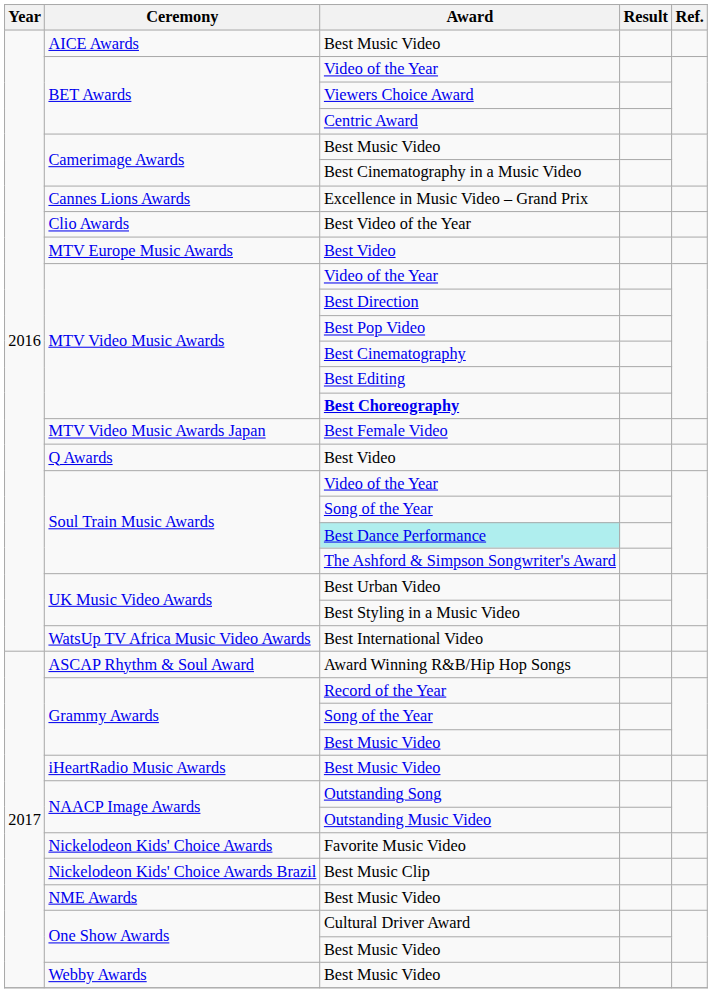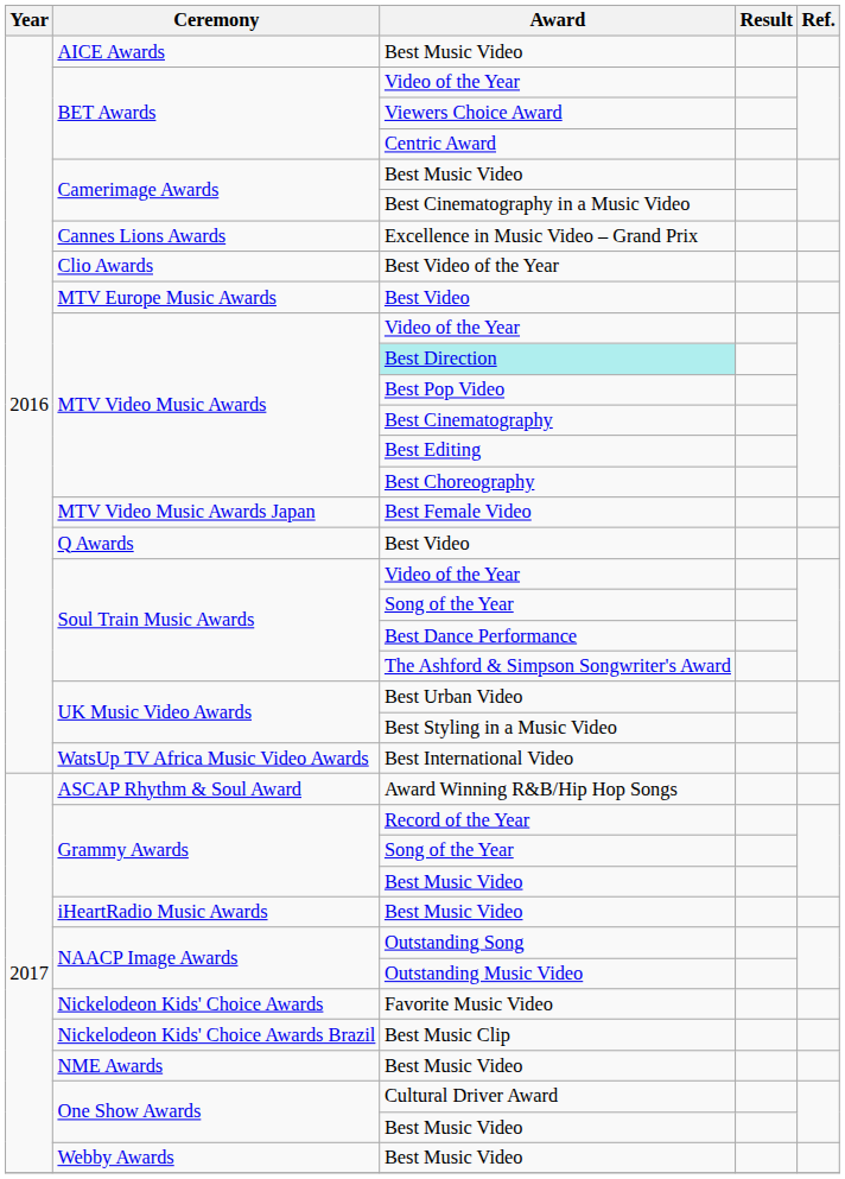 <table class="wikitable">
 <tr>
 <th>Year</th>
 <th>Ceremony</th>
 <th>Award</th>
 <th>Result</th>
 <th>Ref.</th>
 </tr>
 <tr>
 <td rowspan="24">2016</td>
 <td><a href='#'>AICE Awards</a></td>
 <td>Best Music Video</td>
 <td></td>
 <td></td>
 </tr>
 <tr>
 <td rowspan="3"><a href='#'>BET Awards</a></td>
 <td><a href='#'>Video of the Year</a></td>
 <td></td>
 <td rowspan="3"></td>
 </tr>
 <tr>
 <td><a href='#'>Viewers Choice Award</a></td>
 <td></td>
 </tr>
 <tr>
 <td><a href='#'>Centric Award</a></td>
 <td></td>
 </tr>
 <tr>
 <td rowspan="2"><a href='#'>Camerimage Awards</a></td>
 <td>Best Music Video</td>
 <td></td>
 <td rowspan="2"></td>
 </tr>
 <tr>
 <td>Best Cinematography in a Music Video</td>
 <td></td>
 </tr>
 <tr>
 <td><a href='#'>Cannes Lions Awards</a></td>
 <td>Excellence in Music Video – Grand Prix</td>
 <td></td>
 <td></td>
 </tr>
 <tr>
 <td><a href='#'>Clio Awards</a></td>
 <td>Best Video of the Year</td>
 <td></td>
 <td></td>
 </tr>
 <tr>
 <td><a href='#'>MTV Europe Music Awards</a></td>
 <td><a href='#'>Best Video</a></td>
 <td></td>
 <td></td>
 </tr>
 <tr>
 <td rowspan="6"><a href='#'>MTV Video Music Awards</a></td>
 <td><a href='#'>Video of the Year</a></td>
 <td></td>
 <td rowspan="6"></td>
 </tr>
 <tr>
-<td><a href='#'>Best Direction</a></td>
+<td style="background: paleturquoise;"><a href='#'>Best Direction</a></td>
 <td></td>
 </tr>
 <tr>
 <td><a href='#'>Best Pop Video</a></td>
 <td></td>
 </tr>
 <tr>
 <td><a href='#'>Best Cinematography</a></td>
 <td></td>
 </tr>
 <tr>
 <td><a href='#'>Best Editing</a></td>
 <td></td>
 </tr>
 <tr>
-<td><strong><a href='#'>Best Choreography</a></strong></td>
+<td><a href='#'>Best Choreography</a></td>
 <td></td>
 </tr>
 <tr>
 <td><a href='#'>MTV Video Music Awards Japan</a></td>
 <td><a href='#'>Best Female Video</a></td>
 <td></td>
 <td></td>
 </tr>
 <tr>
 <td><a href='#'>Q Awards</a></td>
 <td>Best Video</td>
 <td></td>
 <td></td>
 </tr>
 <tr>
 <td rowspan="4"><a href='#'>Soul Train Music Awards</a></td>
 <td><a href='#'>Video of the Year</a></td>
 <td></td>
 <td rowspan="4"></td>
 </tr>
 <tr>
 <td><a href='#'>Song of the Year</a></td>
 <td></td>
 </tr>
 <tr>
-<td style="background: paleturquoise;"><a href='#'>Best Dance Performance</a></td>
+<td><a href='#'>Best Dance Performance</a></td>
 <td></td>
 </tr>
 <tr>
 <td><a href='#'>The Ashford & Simpson Songwriter's Award</a></td>
 <td></td>
 </tr>
 <tr>
 <td rowspan="2"><a href='#'>UK Music Video Awards</a></td>
 <td>Best Urban Video</td>
 <td></td>
 <td rowspan="2"></td>
 </tr>
 <tr>
 <td>Best Styling in a Music Video</td>
 <td></td>
 </tr>
 <tr>
 <td><a href='#'>WatsUp TV Africa Music Video Awards</a></td>
 <td>Best International Video</td>
 <td></td>
 <td></td>
 </tr>
 <tr>
 <td rowspan="13">2017</td>
 <td><a href='#'>ASCAP Rhythm & Soul Award</a></td>
 <td>Award Winning R&B/Hip Hop Songs</td>
 <td></td>
 <td></td>
 </tr>
 <tr>
 <td rowspan="3"><a href='#'>Grammy Awards</a></td>
 <td><a href='#'>Record of the Year</a></td>
 <td></td>
 <td rowspan="3"></td>
 </tr>
 <tr>
 <td><a href='#'>Song of the Year</a></td>
 <td></td>
 </tr>
 <tr>
 <td><a href='#'>Best Music Video</a></td>
 <td></td>
 </tr>
 <tr>
 <td><a href='#'>iHeartRadio Music Awards</a></td>
 <td><a href='#'>Best Music Video</a></td>
 <td></td>
 <td></td>
 </tr>
 <tr>
 <td rowspan="2"><a href='#'>NAACP Image Awards</a></td>
 <td><a href='#'>Outstanding Song</a></td>
 <td></td>
 <td rowspan="2"></td>
 </tr>
 <tr>
 <td><a href='#'>Outstanding Music Video</a></td>
 <td></td>
 </tr>
 <tr>
 <td><a href='#'>Nickelodeon Kids' Choice Awards</a></td>
 <td>Favorite Music Video</td>
 <td></td>
 <td></td>
 </tr>
 <tr>
 <td><a href='#'>Nickelodeon Kids' Choice Awards Brazil</a></td>
 <td>Best Music Clip</td>
 <td></td>
 <td></td>
 </tr>
 <tr>
 <td><a href='#'>NME Awards</a></td>
 <td>Best Music Video</td>
 <td></td>
 <td></td>
 </tr>
 <tr>
 <td rowspan="2"><a href='#'>One Show Awards</a></td>
 <td>Cultural Driver Award</td>
 <td></td>
 <td rowspan="2"></td>
 </tr>
 <tr>
 <td>Best Music Video</td>
 <td></td>
 </tr>
 <tr>
 <td><a href='#'>Webby Awards</a></td>
 <td>Best Music Video</td>
 <td></td>
 <td></td>
 </tr>
 <tr>
 </tr>
 </table>
